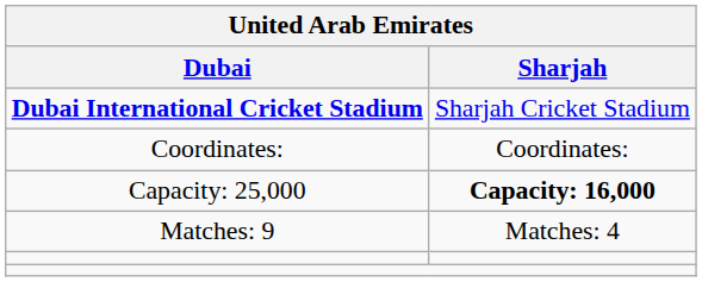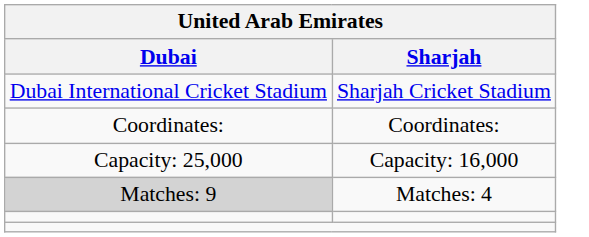 <table class="wikitable" style="text-align:center">
 <tr>
 <th colspan="3">United Arab Emirates</th>
 </tr>
 <tr>
 <th><a href='#'>Dubai</a></th>
 <th><a href='#'>Sharjah</a></th>
 </tr>
 <tr>
-<td><strong><a href='#'>Dubai International Cricket Stadium</a></strong></td>
+<td><a href='#'>Dubai International Cricket Stadium</a></td>
 <td><a href='#'>Sharjah Cricket Stadium</a></td>
 </tr>
 <tr>
 <td>Coordinates: </td>
 <td>Coordinates: </td>
 </tr>
 <tr>
 <td>Capacity: 25,000</td>
-<td><strong>Capacity: 16,000</strong></td>
+<td>Capacity: 16,000</td>
 </tr>
 <tr>
-<td>Matches: 9</td>
+<td style="background: lightgrey;">Matches: 9</td>
 <td>Matches: 4</td>
 </tr>
 <tr>
 <td></td>
 <td></td>
 </tr>
 <tr>
 <td colspan="2"></td>
 </tr>
 </table>
